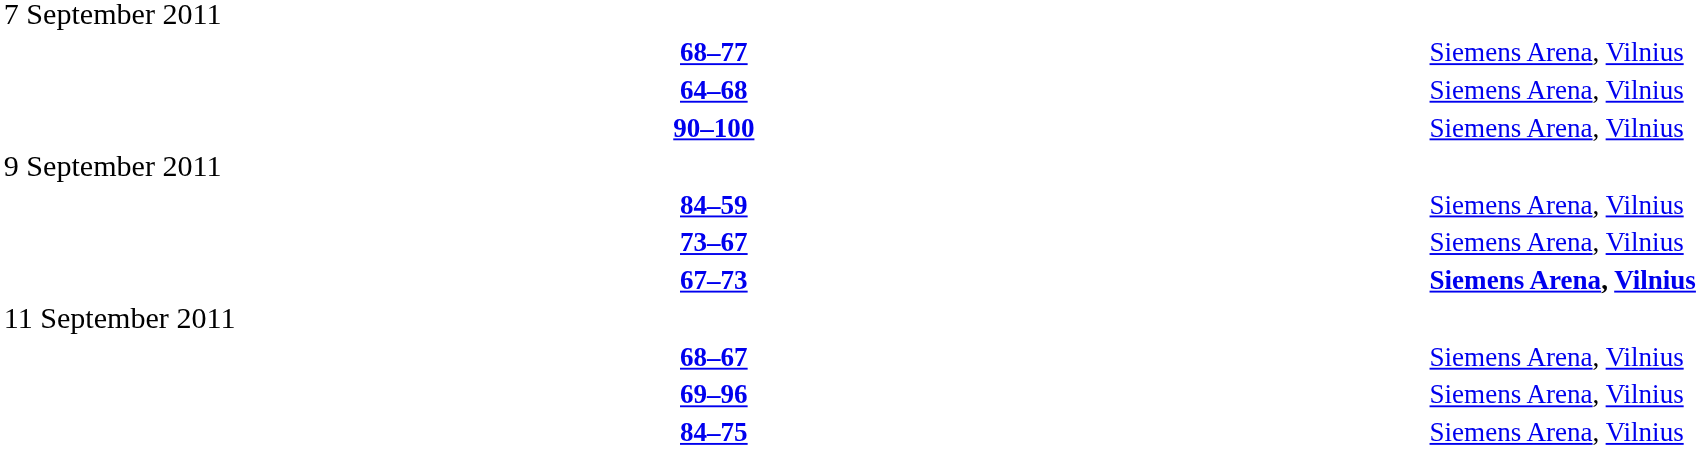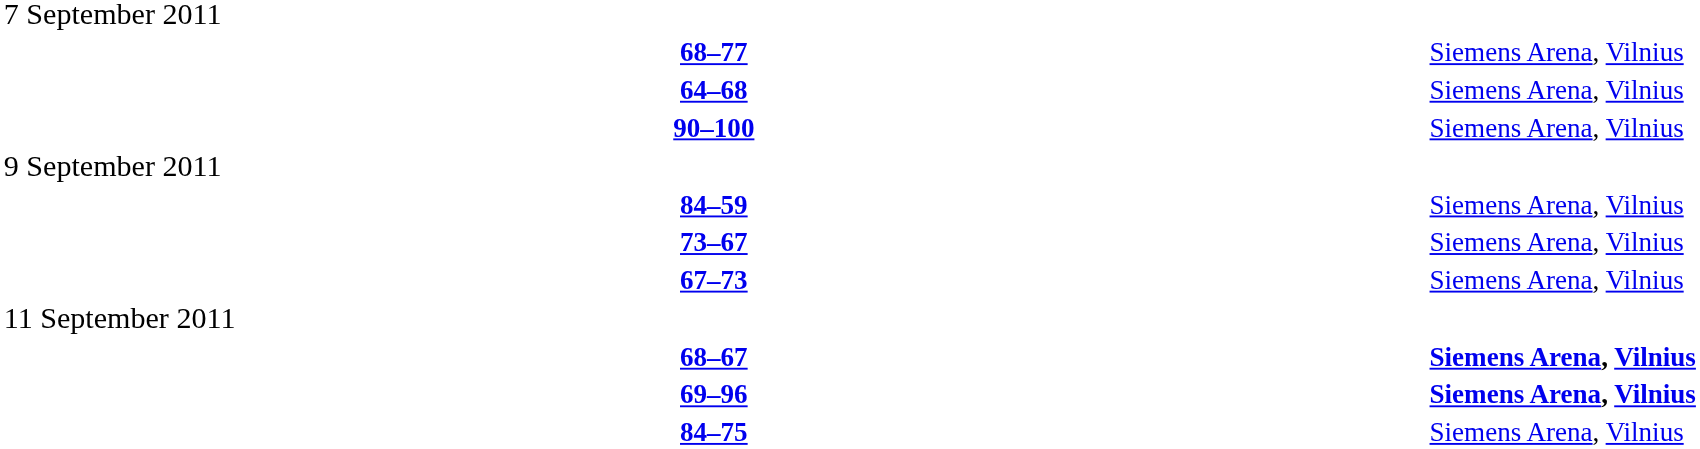 <table style="width:100%;" cellspacing="1">
 <tr>
 <th width=25%></th>
 <th width=10%></th>
 <th width=25%></th>
 </tr>
 <tr>
 <td>7 September 2011</td>
 </tr>
 <tr style=font-size:90%>
 <td align=right><strong></strong></td>
 <td align=center><strong> <a href='#'>68–77</a> </strong></td>
 <td><strong></strong></td>
 <td><a href='#'>Siemens Arena</a>, <a href='#'>Vilnius</a></td>
 </tr>
 <tr style=font-size:90%>
 <td align=right><strong></strong></td>
 <td align=center><strong> <a href='#'>64–68</a> </strong></td>
 <td><strong></strong></td>
 <td><a href='#'>Siemens Arena</a>, <a href='#'>Vilnius</a></td>
 </tr>
 <tr style=font-size:90%>
 <td align=right><strong></strong></td>
 <td align=center><strong> <a href='#'>90–100</a> </strong></td>
 <td><strong></strong></td>
 <td><a href='#'>Siemens Arena</a>, <a href='#'>Vilnius</a></td>
 </tr>
 <tr>
 <td>9 September 2011</td>
 </tr>
 <tr style=font-size:90%>
 <td align=right><strong></strong></td>
 <td align=center><strong> <a href='#'>84–59</a> </strong></td>
 <td><strong></strong></td>
 <td><a href='#'>Siemens Arena</a>, <a href='#'>Vilnius</a></td>
 </tr>
 <tr style=font-size:90%>
 <td align=right><strong></strong></td>
 <td align=center><strong> <a href='#'>73–67</a> </strong></td>
 <td><strong></strong></td>
 <td><a href='#'>Siemens Arena</a>, <a href='#'>Vilnius</a></td>
 </tr>
 <tr style=font-size:90%>
 <td align=right><strong></strong></td>
 <td align=center><strong> <a href='#'>67–73</a> </strong></td>
 <td><strong></strong></td>
-<td><strong><a href='#'>Siemens Arena</a>, <a href='#'>Vilnius</a></strong></td>
+<td><a href='#'>Siemens Arena</a>, <a href='#'>Vilnius</a></td>
 </tr>
 <tr>
 <td>11 September 2011</td>
 </tr>
 <tr style=font-size:90%>
 <td align=right><strong></strong></td>
 <td align=center><strong> <a href='#'>68–67</a> </strong></td>
 <td><strong></strong></td>
-<td><a href='#'>Siemens Arena</a>, <a href='#'>Vilnius</a></td>
+<td><strong><a href='#'>Siemens Arena</a>, <a href='#'>Vilnius</a></strong></td>
 </tr>
 <tr style=font-size:90%>
 <td align=right><strong></strong></td>
 <td align=center><strong> <a href='#'>69–96</a> </strong></td>
 <td><strong></strong></td>
-<td><a href='#'>Siemens Arena</a>, <a href='#'>Vilnius</a></td>
+<td><strong><a href='#'>Siemens Arena</a>, <a href='#'>Vilnius</a></strong></td>
 </tr>
 <tr style=font-size:90%>
 <td align=right><strong></strong></td>
 <td align=center><strong> <a href='#'>84–75</a> </strong></td>
 <td><strong></strong></td>
 <td><a href='#'>Siemens Arena</a>, <a href='#'>Vilnius</a></td>
 </tr>
 </table>
